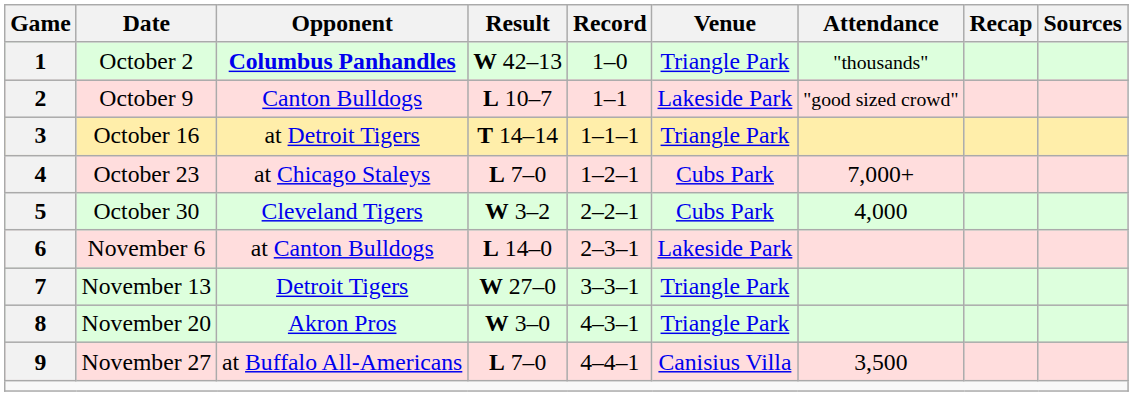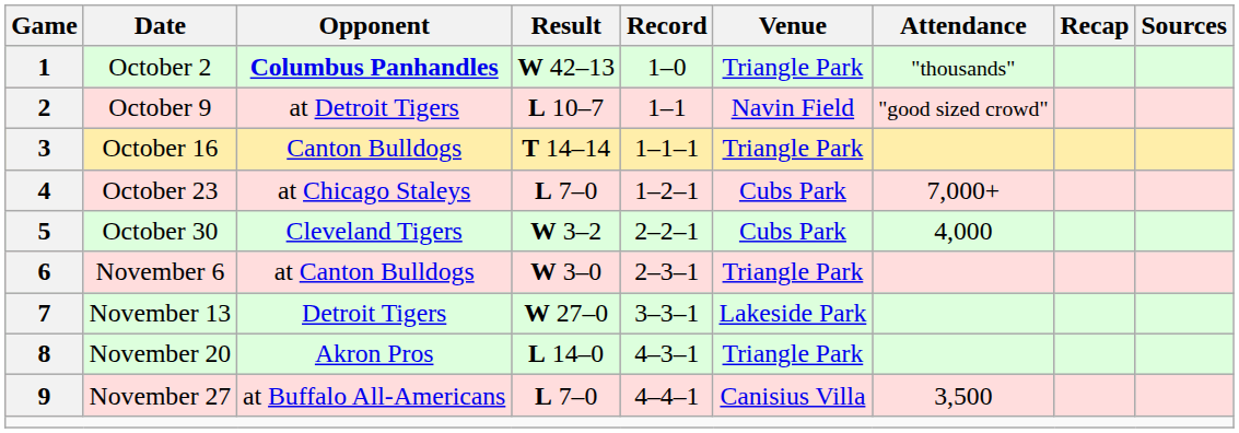 <table class="wikitable" style="text-align:center">
 <tr>
 <th>Game</th>
 <th>Date</th>
 <th>Opponent</th>
 <th>Result</th>
 <th>Record</th>
 <th>Venue</th>
 <th>Attendance</th>
 <th>Recap</th>
 <th>Sources</th>
 </tr>
 <tr style="background: #ddffdd;">
 <th>1</th>
 <td>October 2</td>
 <td><strong><a href='#'>Columbus Panhandles</a></strong></td>
 <td><strong>W</strong> 42–13</td>
 <td>1–0</td>
 <td><a href='#'>Triangle Park</a></td>
 <td><small>"thousands"</small></td>
 <td></td>
 <td></td>
 </tr>
 <tr style="background: #ffdddd;">
 <th>2</th>
 <td>October 9</td>
-<td><a href='#'>Canton Bulldogs</a></td>
+<td>at <a href='#'>Detroit Tigers</a></td>
 <td><strong>L</strong> 10–7</td>
 <td>1–1</td>
-<td><a href='#'>Lakeside Park</a></td>
+<td><a href='#'>Navin Field</a></td>
 <td><small>"good sized crowd"</small></td>
 <td></td>
 <td></td>
 </tr>
 <tr style="background: #ffeeaa;">
 <th>3</th>
 <td>October 16</td>
-<td>at <a href='#'>Detroit Tigers</a></td>
+<td><a href='#'>Canton Bulldogs</a></td>
 <td><strong>T</strong> 14–14</td>
 <td>1–1–1</td>
 <td><a href='#'>Triangle Park</a></td>
 <td></td>
 <td></td>
 <td></td>
 </tr>
 <tr style="background: #ffdddd;">
 <th>4</th>
 <td>October 23</td>
 <td>at <a href='#'>Chicago Staleys</a></td>
 <td><strong>L</strong> 7–0</td>
 <td>1–2–1</td>
 <td><a href='#'>Cubs Park</a></td>
 <td>7,000+ </td>
 <td></td>
 <td></td>
 </tr>
 <tr style="background: #ddffdd;">
 <th>5</th>
 <td>October 30</td>
 <td><a href='#'>Cleveland Tigers</a></td>
 <td><strong>W</strong> 3–2</td>
 <td>2–2–1</td>
 <td><a href='#'>Cubs Park</a></td>
 <td>4,000</td>
 <td></td>
 <td></td>
 </tr>
 <tr style="background: #ffdddd;">
 <th>6</th>
 <td>November 6</td>
 <td>at <a href='#'>Canton Bulldogs</a></td>
-<td><strong>L</strong> 14–0</td>
+<td><strong>W</strong> 3–0</td>
 <td>2–3–1</td>
-<td><a href='#'>Lakeside Park</a></td>
+<td><a href='#'>Triangle Park</a></td>
 <td></td>
 <td></td>
 <td></td>
 </tr>
 <tr style="background: #ddffdd;">
 <th>7</th>
 <td>November 13</td>
 <td><a href='#'>Detroit Tigers</a></td>
 <td><strong>W</strong> 27–0</td>
 <td>3–3–1</td>
-<td><a href='#'>Triangle Park</a></td>
+<td><a href='#'>Lakeside Park</a></td>
 <td></td>
 <td></td>
 <td></td>
 </tr>
 <tr style="background: #ddffdd;">
 <th>8</th>
 <td>November 20</td>
 <td><a href='#'>Akron Pros</a></td>
-<td><strong>W</strong> 3–0</td>
+<td><strong>L</strong> 14–0</td>
 <td>4–3–1</td>
 <td><a href='#'>Triangle Park</a></td>
 <td></td>
 <td></td>
 <td></td>
 </tr>
 <tr style="background: #ffdddd;">
 <th>9</th>
 <td>November 27</td>
 <td>at <a href='#'>Buffalo All-Americans</a></td>
 <td><strong>L</strong> 7–0</td>
 <td>4–4–1</td>
 <td><a href='#'>Canisius Villa</a></td>
 <td>3,500</td>
 <td></td>
 <td></td>
 </tr>
 <tr>
 <td colspan="10"></td>
 </tr>
 </table>
